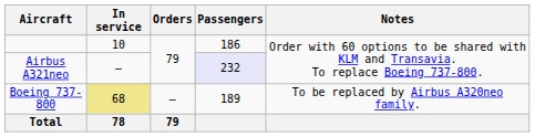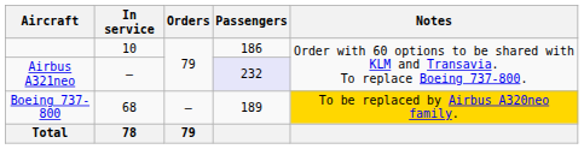 <table class="wikitable" style="margin:0.5em auto; text-align:center">
 <tr>
 <th>Aircraft</th>
 <th>In service</th>
 <th>Orders</th>
 <th>Passengers</th>
 <th>Notes</th>
 </tr>
 <tr>
 <td></td>
 <td>10</td>
 <td rowspan="2">79</td>
 <td>186</td>
 <td rowspan="2">Order with 60 options to be shared with <a href='#'>KLM</a> and <a href='#'>Transavia</a>.<br>To replace <a href='#'>Boeing 737-800</a>.</td>
 </tr>
 <tr>
 <td><a href='#'>Airbus A321neo</a></td>
 <td>—</td>
 <td style="background: lavender;">232</td>
 </tr>
 <tr>
 <td><a href='#'>Boeing 737-800</a></td>
-<td style="background: khaki;">68</td>
+<td>68</td>
 <td>—</td>
 <td>189</td>
-<td>To be replaced by <a href='#'>Airbus A320neo family</a>.</td>
+<td style="background: gold;">To be replaced by <a href='#'>Airbus A320neo family</a>.</td>
 </tr>
 <tr>
 <th>Total</th>
 <th>78</th>
 <th>79</th>
 <th></th>
 <th></th>
 </tr>
 </table>
